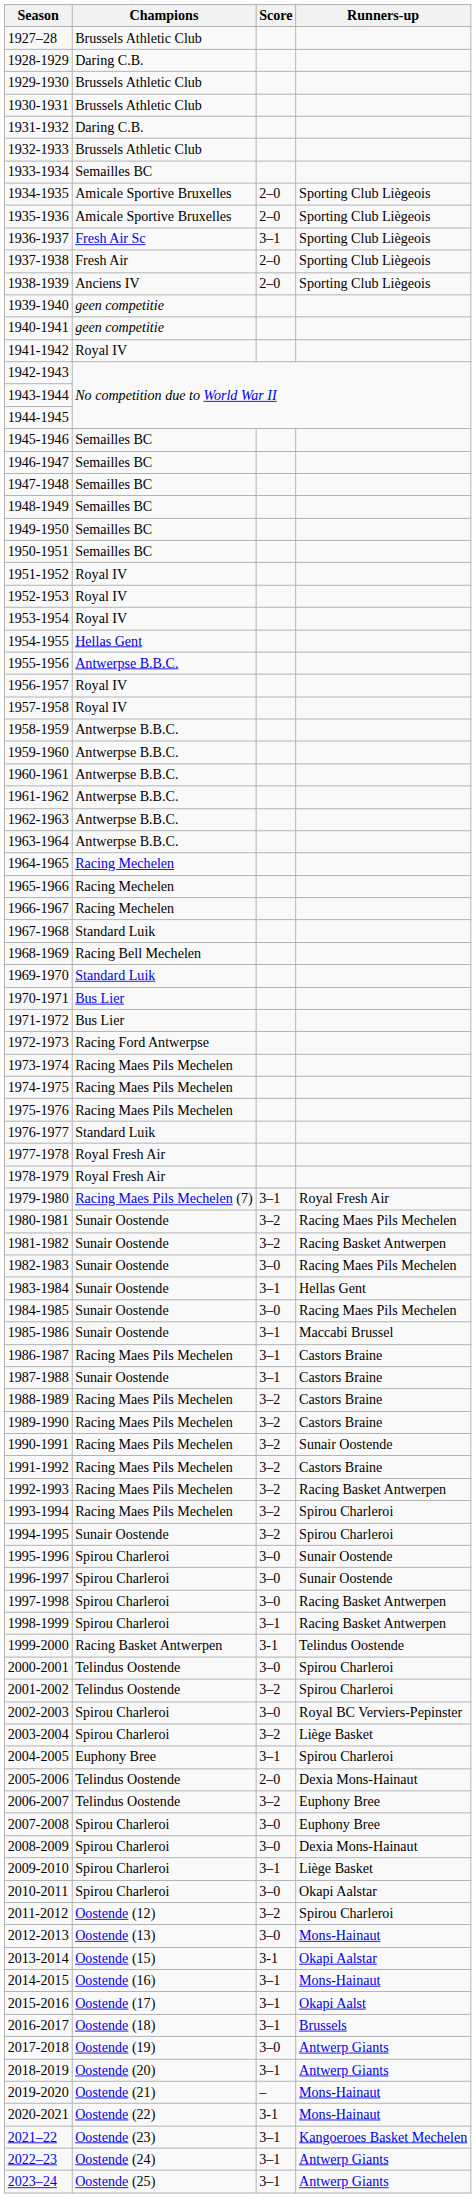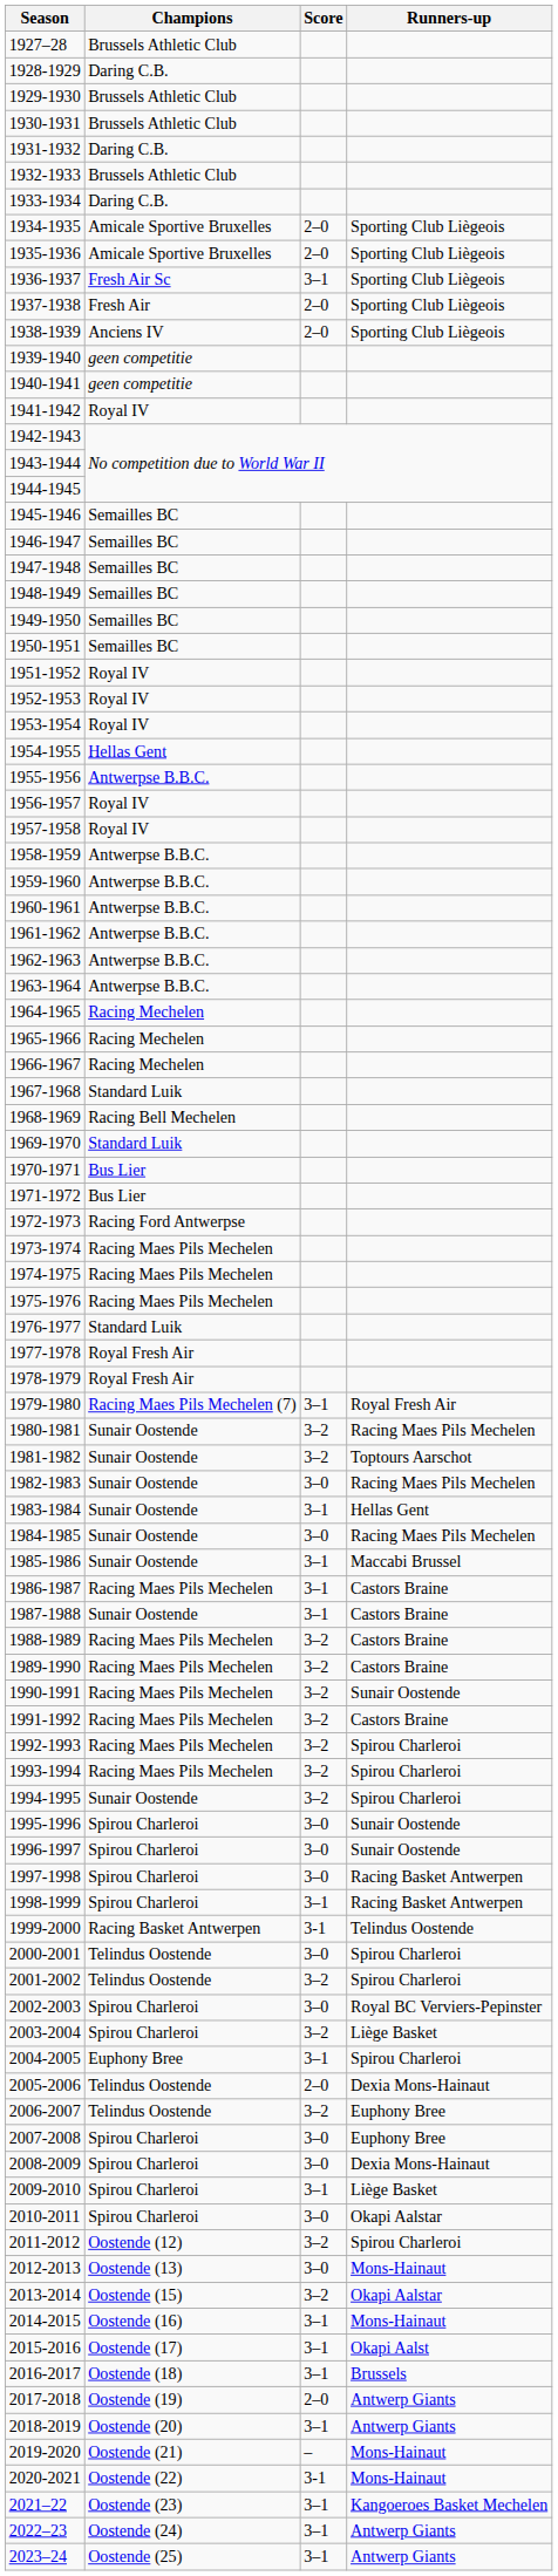 <table class="wikitable sortable">
 <tr>
 <th>Season</th>
 <th>Champions</th>
 <th>Score</th>
 <th>Runners-up</th>
 </tr>
 <tr>
 <td>1927–28</td>
 <td>Brussels Athletic Club</td>
 <td></td>
 <td></td>
 </tr>
 <tr>
 <td>1928-1929</td>
 <td>Daring C.B.</td>
 <td></td>
 <td></td>
 </tr>
 <tr>
 <td>1929-1930</td>
 <td>Brussels Athletic Club</td>
 <td></td>
 <td></td>
 </tr>
 <tr>
 <td>1930-1931</td>
 <td>Brussels Athletic Club</td>
 <td></td>
 <td></td>
 </tr>
 <tr>
 <td>1931-1932</td>
 <td>Daring C.B.</td>
 <td></td>
 <td></td>
 </tr>
 <tr>
 <td>1932-1933</td>
 <td>Brussels Athletic Club</td>
 <td></td>
 <td></td>
 </tr>
 <tr>
 <td>1933-1934</td>
-<td>Semailles BC</td>
+<td>Daring C.B.</td>
 <td></td>
 <td></td>
 </tr>
 <tr>
 <td>1934-1935</td>
 <td>Amicale Sportive Bruxelles</td>
 <td>2–0</td>
 <td>Sporting Club Liègeois</td>
 </tr>
 <tr>
 <td>1935-1936</td>
 <td>Amicale Sportive Bruxelles</td>
 <td>2–0</td>
 <td>Sporting Club Liègeois</td>
 </tr>
 <tr>
 <td>1936-1937</td>
 <td><a href='#'>Fresh Air Sc</a></td>
 <td>3–1</td>
 <td>Sporting Club Liègeois</td>
 </tr>
 <tr>
 <td>1937-1938</td>
 <td>Fresh Air</td>
 <td>2–0</td>
 <td>Sporting Club Liègeois</td>
 </tr>
 <tr>
 <td>1938-1939</td>
 <td>Anciens IV</td>
 <td>2–0</td>
 <td>Sporting Club Liègeois</td>
 </tr>
 <tr>
 <td>1939-1940</td>
 <td><em>geen competitie</em></td>
 <td></td>
 <td></td>
 </tr>
 <tr>
 <td>1940-1941</td>
 <td><em>geen competitie</em></td>
 <td></td>
 <td></td>
 </tr>
 <tr>
 <td>1941-1942</td>
 <td>Royal IV</td>
 <td></td>
 <td></td>
 </tr>
 <tr>
 <td>1942-1943</td>
 <td colspan="3" rowspan="3"><em>No competition due to <a href='#'>World War II</a></em></td>
 </tr>
 <tr>
 <td>1943-1944</td>
 </tr>
 <tr>
 <td>1944-1945</td>
 </tr>
 <tr>
 <td>1945-1946</td>
 <td>Semailles BC</td>
 <td></td>
 <td></td>
 </tr>
 <tr>
 <td>1946-1947</td>
 <td>Semailles BC</td>
 <td></td>
 <td></td>
 </tr>
 <tr>
 <td>1947-1948</td>
 <td>Semailles BC</td>
 <td></td>
 <td></td>
 </tr>
 <tr>
 <td>1948-1949</td>
 <td>Semailles BC</td>
 <td></td>
 <td></td>
 </tr>
 <tr>
 <td>1949-1950</td>
 <td>Semailles BC</td>
 <td></td>
 <td></td>
 </tr>
 <tr>
 <td>1950-1951</td>
 <td>Semailles BC</td>
 <td></td>
 <td></td>
 </tr>
 <tr>
 <td>1951-1952</td>
 <td>Royal IV</td>
 <td></td>
 <td></td>
 </tr>
 <tr>
 <td>1952-1953</td>
 <td>Royal IV</td>
 <td></td>
 <td></td>
 </tr>
 <tr>
 <td>1953-1954</td>
 <td>Royal IV</td>
 <td></td>
 <td></td>
 </tr>
 <tr>
 <td>1954-1955</td>
 <td><a href='#'>Hellas Gent</a></td>
 <td></td>
 <td></td>
 </tr>
 <tr>
 <td>1955-1956</td>
 <td><a href='#'>Antwerpse B.B.C.</a></td>
 <td></td>
 <td></td>
 </tr>
 <tr>
 <td>1956-1957</td>
 <td>Royal IV</td>
 <td></td>
 <td></td>
 </tr>
 <tr>
 <td>1957-1958</td>
 <td>Royal IV</td>
 <td></td>
 <td></td>
 </tr>
 <tr>
 <td>1958-1959</td>
 <td>Antwerpse B.B.C.</td>
 <td></td>
 <td></td>
 </tr>
 <tr>
 <td>1959-1960</td>
 <td>Antwerpse B.B.C.</td>
 <td></td>
 <td></td>
 </tr>
 <tr>
 <td>1960-1961</td>
 <td>Antwerpse B.B.C.</td>
 <td></td>
 <td></td>
 </tr>
 <tr>
 <td>1961-1962</td>
 <td>Antwerpse B.B.C.</td>
 <td></td>
 <td></td>
 </tr>
 <tr>
 <td>1962-1963</td>
 <td>Antwerpse B.B.C.</td>
 <td></td>
 <td></td>
 </tr>
 <tr>
 <td>1963-1964</td>
 <td>Antwerpse B.B.C.</td>
 <td></td>
 <td></td>
 </tr>
 <tr>
 <td>1964-1965</td>
 <td><a href='#'>Racing Mechelen</a></td>
 <td></td>
 <td></td>
 </tr>
 <tr>
 <td>1965-1966</td>
 <td>Racing Mechelen</td>
 <td></td>
 <td></td>
 </tr>
 <tr>
 <td>1966-1967</td>
 <td>Racing Mechelen</td>
 <td></td>
 <td></td>
 </tr>
 <tr>
 <td>1967-1968</td>
 <td>Standard Luik</td>
 <td></td>
 <td></td>
 </tr>
 <tr>
 <td>1968-1969</td>
 <td>Racing Bell Mechelen</td>
 <td></td>
 <td></td>
 </tr>
 <tr>
 <td>1969-1970</td>
 <td><a href='#'>Standard Luik</a></td>
 <td></td>
 <td></td>
 </tr>
 <tr>
 <td>1970-1971</td>
 <td><a href='#'> Bus Lier</a></td>
 <td></td>
 <td></td>
 </tr>
 <tr>
 <td>1971-1972</td>
 <td>Bus Lier</td>
 <td></td>
 <td></td>
 </tr>
 <tr>
 <td>1972-1973</td>
 <td>Racing Ford Antwerpse</td>
 <td></td>
 <td></td>
 </tr>
 <tr>
 <td>1973-1974</td>
 <td>Racing Maes Pils Mechelen</td>
 <td></td>
 <td></td>
 </tr>
 <tr>
 <td>1974-1975</td>
 <td>Racing Maes Pils Mechelen</td>
 <td></td>
 <td></td>
 </tr>
 <tr>
 <td>1975-1976</td>
 <td>Racing Maes Pils Mechelen</td>
 <td></td>
 <td></td>
 </tr>
 <tr>
 <td>1976-1977</td>
 <td>Standard Luik</td>
 <td></td>
 <td></td>
 </tr>
 <tr>
 <td>1977-1978</td>
 <td>Royal Fresh Air</td>
 <td></td>
 <td></td>
 </tr>
 <tr>
 <td>1978-1979</td>
 <td>Royal Fresh Air</td>
 <td></td>
 <td></td>
 </tr>
 <tr>
 <td>1979-1980</td>
 <td><a href='#'>Racing Maes Pils Mechelen</a> (7)</td>
 <td>3–1</td>
 <td>Royal Fresh Air</td>
 </tr>
 <tr>
 <td>1980-1981</td>
 <td>Sunair Oostende</td>
 <td>3–2</td>
 <td>Racing Maes Pils Mechelen</td>
 </tr>
 <tr>
 <td>1981-1982</td>
 <td>Sunair Oostende</td>
 <td>3–2</td>
-<td>Racing Basket Antwerpen</td>
+<td>Toptours Aarschot</td>
 </tr>
 <tr>
 <td>1982-1983</td>
 <td>Sunair Oostende</td>
 <td>3–0</td>
 <td>Racing Maes Pils Mechelen</td>
 </tr>
 <tr>
 <td>1983-1984</td>
 <td>Sunair Oostende</td>
 <td>3–1</td>
 <td>Hellas Gent</td>
 </tr>
 <tr>
 <td>1984-1985</td>
 <td>Sunair Oostende</td>
 <td>3–0</td>
 <td>Racing Maes Pils Mechelen</td>
 </tr>
 <tr>
 <td>1985-1986</td>
 <td>Sunair Oostende</td>
 <td>3–1</td>
 <td>Maccabi Brussel</td>
 </tr>
 <tr>
 <td>1986-1987</td>
 <td>Racing Maes Pils Mechelen</td>
 <td>3–1</td>
 <td>Castors Braine</td>
 </tr>
 <tr>
 <td>1987-1988</td>
 <td>Sunair Oostende</td>
 <td>3–1</td>
 <td>Castors Braine</td>
 </tr>
 <tr>
 <td>1988-1989</td>
 <td>Racing Maes Pils Mechelen</td>
 <td>3–2</td>
 <td>Castors Braine</td>
 </tr>
 <tr>
 <td>1989-1990</td>
 <td>Racing Maes Pils Mechelen</td>
 <td>3–2</td>
 <td>Castors Braine</td>
 </tr>
 <tr>
 <td>1990-1991</td>
 <td>Racing Maes Pils Mechelen</td>
 <td>3–2</td>
 <td>Sunair Oostende</td>
 </tr>
 <tr>
 <td>1991-1992</td>
 <td>Racing Maes Pils Mechelen</td>
 <td>3–2</td>
 <td>Castors Braine</td>
 </tr>
 <tr>
 <td>1992-1993</td>
 <td>Racing Maes Pils Mechelen</td>
 <td>3–2</td>
-<td>Racing Basket Antwerpen</td>
+<td>Spirou Charleroi</td>
 </tr>
 <tr>
 <td>1993-1994</td>
 <td>Racing Maes Pils Mechelen</td>
 <td>3–2</td>
 <td>Spirou Charleroi</td>
 </tr>
 <tr>
 <td>1994-1995</td>
 <td>Sunair Oostende</td>
 <td>3–2</td>
 <td>Spirou Charleroi</td>
 </tr>
 <tr>
 <td>1995-1996</td>
 <td>Spirou Charleroi</td>
 <td>3–0</td>
 <td>Sunair Oostende</td>
 </tr>
 <tr>
 <td>1996-1997</td>
 <td>Spirou Charleroi</td>
 <td>3–0</td>
 <td>Sunair Oostende</td>
 </tr>
 <tr>
 <td>1997-1998</td>
 <td>Spirou Charleroi</td>
 <td>3–0</td>
 <td>Racing Basket Antwerpen</td>
 </tr>
 <tr>
 <td>1998-1999</td>
 <td>Spirou Charleroi</td>
 <td>3–1</td>
 <td>Racing Basket Antwerpen</td>
 </tr>
 <tr>
 <td>1999-2000</td>
 <td>Racing Basket Antwerpen</td>
 <td>3-1</td>
 <td>Telindus Oostende</td>
 </tr>
 <tr>
 <td>2000-2001</td>
 <td>Telindus Oostende</td>
 <td>3–0</td>
 <td>Spirou Charleroi</td>
 </tr>
 <tr>
 <td>2001-2002</td>
 <td>Telindus Oostende</td>
 <td>3–2</td>
 <td>Spirou Charleroi</td>
 </tr>
 <tr>
 <td>2002-2003</td>
 <td>Spirou Charleroi</td>
 <td>3–0</td>
 <td>Royal BC Verviers-Pepinster</td>
 </tr>
 <tr>
 <td>2003-2004</td>
 <td>Spirou Charleroi</td>
 <td>3–2</td>
 <td>Liège Basket</td>
 </tr>
 <tr>
 <td>2004-2005</td>
 <td>Euphony Bree</td>
 <td>3–1</td>
 <td>Spirou Charleroi</td>
 </tr>
 <tr>
 <td>2005-2006</td>
 <td>Telindus Oostende</td>
 <td>2–0</td>
 <td>Dexia Mons-Hainaut</td>
 </tr>
 <tr>
 <td>2006-2007</td>
 <td>Telindus Oostende</td>
 <td>3–2</td>
 <td>Euphony Bree</td>
 </tr>
 <tr>
 <td>2007-2008</td>
 <td>Spirou Charleroi</td>
 <td>3–0</td>
 <td>Euphony Bree</td>
 </tr>
 <tr>
 <td>2008-2009</td>
 <td>Spirou Charleroi</td>
 <td>3–0</td>
 <td>Dexia Mons-Hainaut</td>
 </tr>
 <tr>
 <td>2009-2010</td>
 <td>Spirou Charleroi</td>
 <td>3–1</td>
 <td>Liège Basket</td>
 </tr>
 <tr>
 <td>2010-2011</td>
 <td>Spirou Charleroi</td>
 <td>3–0</td>
 <td>Okapi Aalstar</td>
 </tr>
 <tr>
 <td>2011-2012</td>
 <td><a href='#'>Oostende</a> (12)</td>
 <td>3–2</td>
 <td>Spirou Charleroi</td>
 </tr>
 <tr>
 <td>2012-2013</td>
 <td><a href='#'>Oostende</a> (13)</td>
 <td>3–0</td>
 <td><a href='#'>Mons-Hainaut</a></td>
 </tr>
 <tr>
 <td>2013-2014</td>
 <td><a href='#'>Oostende</a> (15)</td>
-<td>3-1</td>
+<td>3–2</td>
 <td><a href='#'>Okapi Aalstar</a></td>
 </tr>
 <tr>
 <td>2014-2015</td>
 <td><a href='#'>Oostende</a> (16)</td>
 <td>3–1</td>
 <td><a href='#'>Mons-Hainaut</a></td>
 </tr>
 <tr>
 <td>2015-2016</td>
 <td><a href='#'>Oostende</a> (17)</td>
 <td>3–1</td>
 <td><a href='#'>Okapi Aalst</a></td>
 </tr>
 <tr>
 <td>2016-2017</td>
 <td><a href='#'>Oostende</a> (18)</td>
 <td>3–1</td>
 <td><a href='#'>Brussels</a></td>
 </tr>
 <tr>
 <td>2017-2018</td>
 <td><a href='#'>Oostende</a> (19)</td>
-<td>3–0</td>
+<td>2–0</td>
 <td><a href='#'>Antwerp Giants</a></td>
 </tr>
 <tr>
 <td>2018-2019</td>
 <td><a href='#'>Oostende</a> (20)</td>
 <td>3–1</td>
 <td><a href='#'>Antwerp Giants</a></td>
 </tr>
 <tr>
 <td>2019-2020</td>
 <td><a href='#'>Oostende</a> (21)</td>
 <td>–</td>
 <td><a href='#'>Mons-Hainaut</a></td>
 </tr>
 <tr>
 <td>2020-2021</td>
 <td><a href='#'>Oostende</a> (22)</td>
 <td>3-1</td>
 <td><a href='#'>Mons-Hainaut</a></td>
 </tr>
 <tr>
 <td><a href='#'>2021–22</a></td>
 <td><a href='#'>Oostende</a> (23)</td>
 <td>3–1</td>
 <td><a href='#'>Kangoeroes Basket Mechelen</a></td>
 </tr>
 <tr>
 <td><a href='#'>2022–23</a></td>
 <td><a href='#'>Oostende</a> (24)</td>
 <td>3–1</td>
 <td><a href='#'>Antwerp Giants</a></td>
 </tr>
 <tr>
 <td><a href='#'>2023–24</a></td>
 <td><a href='#'>Oostende</a> (25)</td>
 <td>3–1</td>
 <td><a href='#'>Antwerp Giants</a></td>
 </tr>
 </table>
